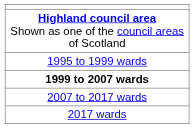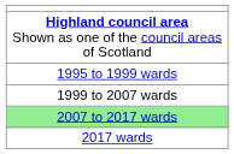 <table class="toccolours" style="border-collapse: collapse; float: right; margin: 0 0 1em 1em;" border="1" cellpadding="3" cellspacing="0" width="260">
 <tr>
 <td align="center"></td>
 </tr>
 <tr>
 <td align="center"><strong><a href='#'>Highland council area</a></strong> <br> Shown as one of the <a href='#'>council areas</a> of Scotland</td>
 </tr>
 <tr>
 <td align="center"><a href='#'>1995 to 1999 wards</a></td>
 </tr>
 <tr>
-<td align="center"><strong>1999 to 2007 wards</strong></td>
+<td align="center">1999 to 2007 wards</td>
 </tr>
 <tr>
-<td align="center"><a href='#'>2007 to 2017 wards</a></td>
+<td align="center" style="background: lightgreen;"><a href='#'>2007 to 2017 wards</a></td>
 </tr>
 <tr>
 <td align="center"><a href='#'>2017 wards</a></td>
 </tr>
 </table>
